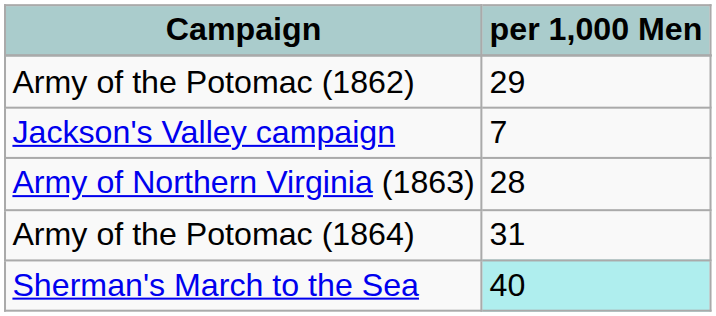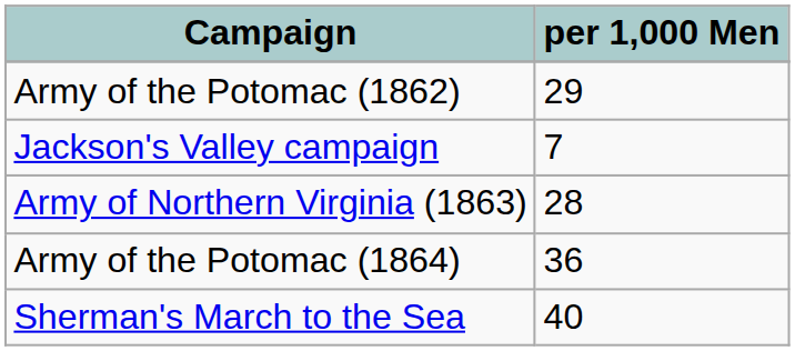 <table class="wikitable" style="display: inline-table;">
 <tr>
 <th style="text-align:center; background:#acc;">Campaign</th>
 <th style="text-align:l center; background:#acc;">per 1,000 Men</th>
 </tr>
 <tr>
 </tr>
 <tr>
 <td>Army of the Potomac (1862)</td>
 <td>29</td>
 </tr>
 <tr>
 <td><a href='#'>Jackson's Valley campaign</a></td>
 <td>7</td>
 </tr>
 <tr>
 <td><a href='#'>Army of Northern Virginia</a> (1863)</td>
 <td>28</td>
 </tr>
 <tr>
 <td>Army of the Potomac (1864)</td>
-<td>31</td>
+<td>36</td>
 </tr>
 <tr>
 <td><a href='#'>Sherman's March to the Sea</a></td>
-<td style="background: paleturquoise;">40</td>
+<td>40</td>
 </tr>
 </table>
